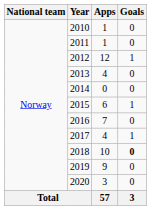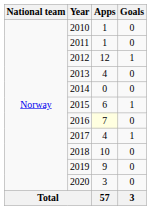 <table class="wikitable" style="text-align:center">
 <tr>
 <th>National team</th>
 <th>Year</th>
 <th>Apps</th>
 <th>Goals</th>
 </tr>
 <tr>
 <td rowspan="11"><a href='#'>Norway</a></td>
 <td>2010</td>
 <td>1</td>
 <td>0</td>
 </tr>
 <tr>
 <td>2011</td>
 <td>1</td>
 <td>0</td>
 </tr>
 <tr>
 <td>2012</td>
 <td>12</td>
 <td>1</td>
 </tr>
 <tr>
 <td>2013</td>
 <td>4</td>
 <td>0</td>
 </tr>
 <tr>
 <td>2014</td>
 <td>0</td>
 <td>0</td>
 </tr>
 <tr>
 <td>2015</td>
 <td>6</td>
 <td>1</td>
 </tr>
 <tr>
 <td>2016</td>
-<td>7</td>
+<td style="background: lightyellow;">7</td>
 <td>0</td>
 </tr>
 <tr>
 <td>2017</td>
 <td>4</td>
 <td>1</td>
 </tr>
 <tr>
 <td>2018</td>
 <td>10</td>
-<td><strong>0</strong></td>
+<td>0</td>
 </tr>
 <tr>
 <td>2019</td>
 <td>9</td>
 <td>0</td>
 </tr>
 <tr>
 <td>2020</td>
 <td>3</td>
 <td>0</td>
 </tr>
 <tr>
 <th colspan="2">Total</th>
 <th>57</th>
 <th>3</th>
 </tr>
 </table>
